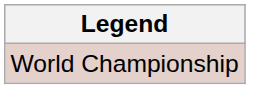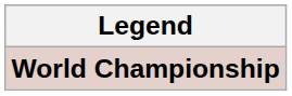 <table class="wikitable">
 <tr>
 <th>Legend</th>
 </tr>
 <tr bgcolor="#e5d1cb">
-<td>World Championship</td>
+<td><strong>World Championship</strong></td>
 </tr>
 </table>
